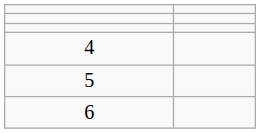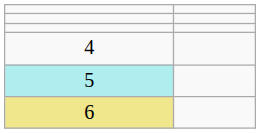 <table class="wikitable" style="width:200px;">
 <tr>
 <td align=center></td>
 <td></td>
 </tr>
 <tr>
 <td align=center></td>
 <td></td>
 </tr>
 <tr>
 <td align=center></td>
 <td></td>
 </tr>
 <tr>
 <td align=center>4</td>
 <td></td>
 </tr>
 <tr>
-<td align=center>5</td>
+<td align=center style="background: paleturquoise;">5</td>
 <td></td>
 </tr>
 <tr>
-<td align=center>6</td>
+<td align=center style="background: khaki;">6</td>
 <td></td>
 </tr>
 </table>
